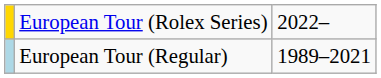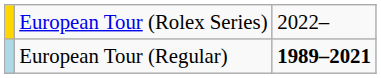 <table class="wikitable" style="font-size:95%">
 <tr>
 <td style="background:gold"></td>
 <td><a href='#'>European Tour</a> (Rolex Series)</td>
 <td>2022–</td>
 </tr>
 <tr>
 <td style="background:lightblue"></td>
 <td>European Tour (Regular)</td>
-<td>1989–2021</td>
+<td><strong>1989–2021</strong></td>
 </tr>
 </table>
